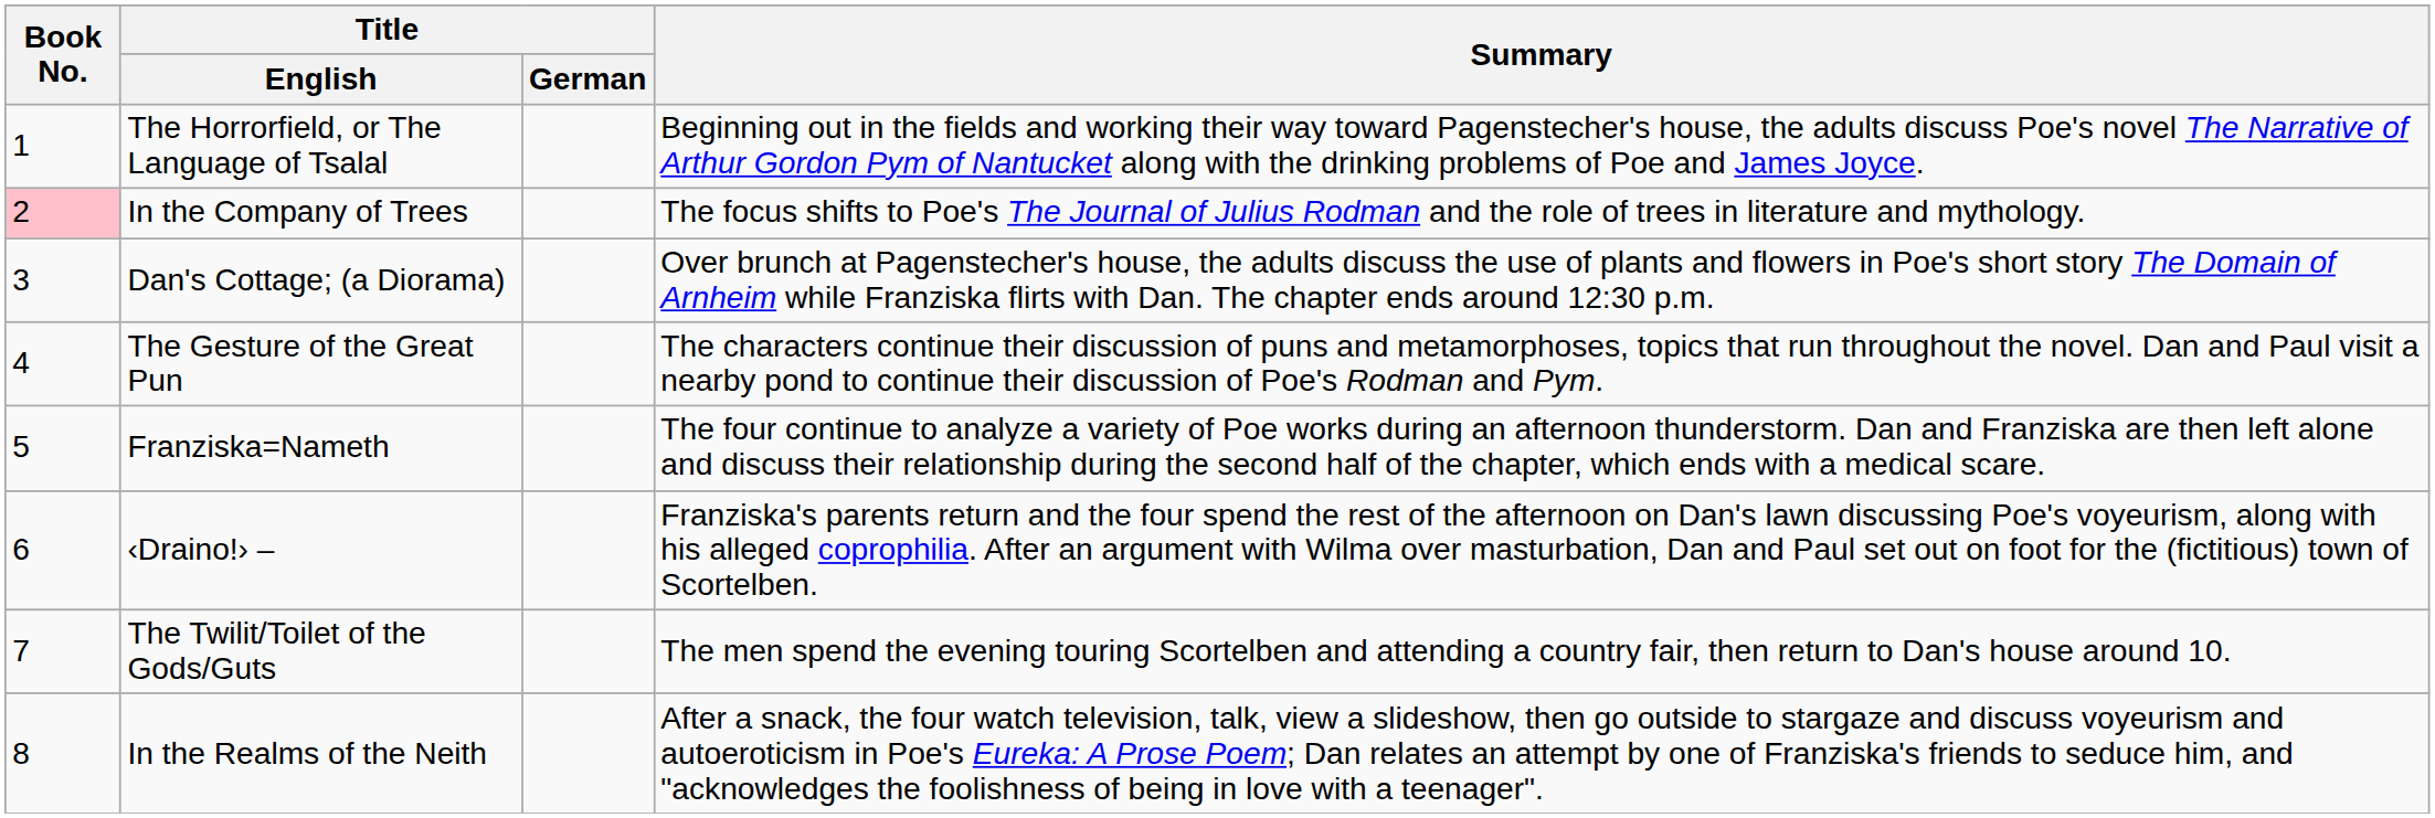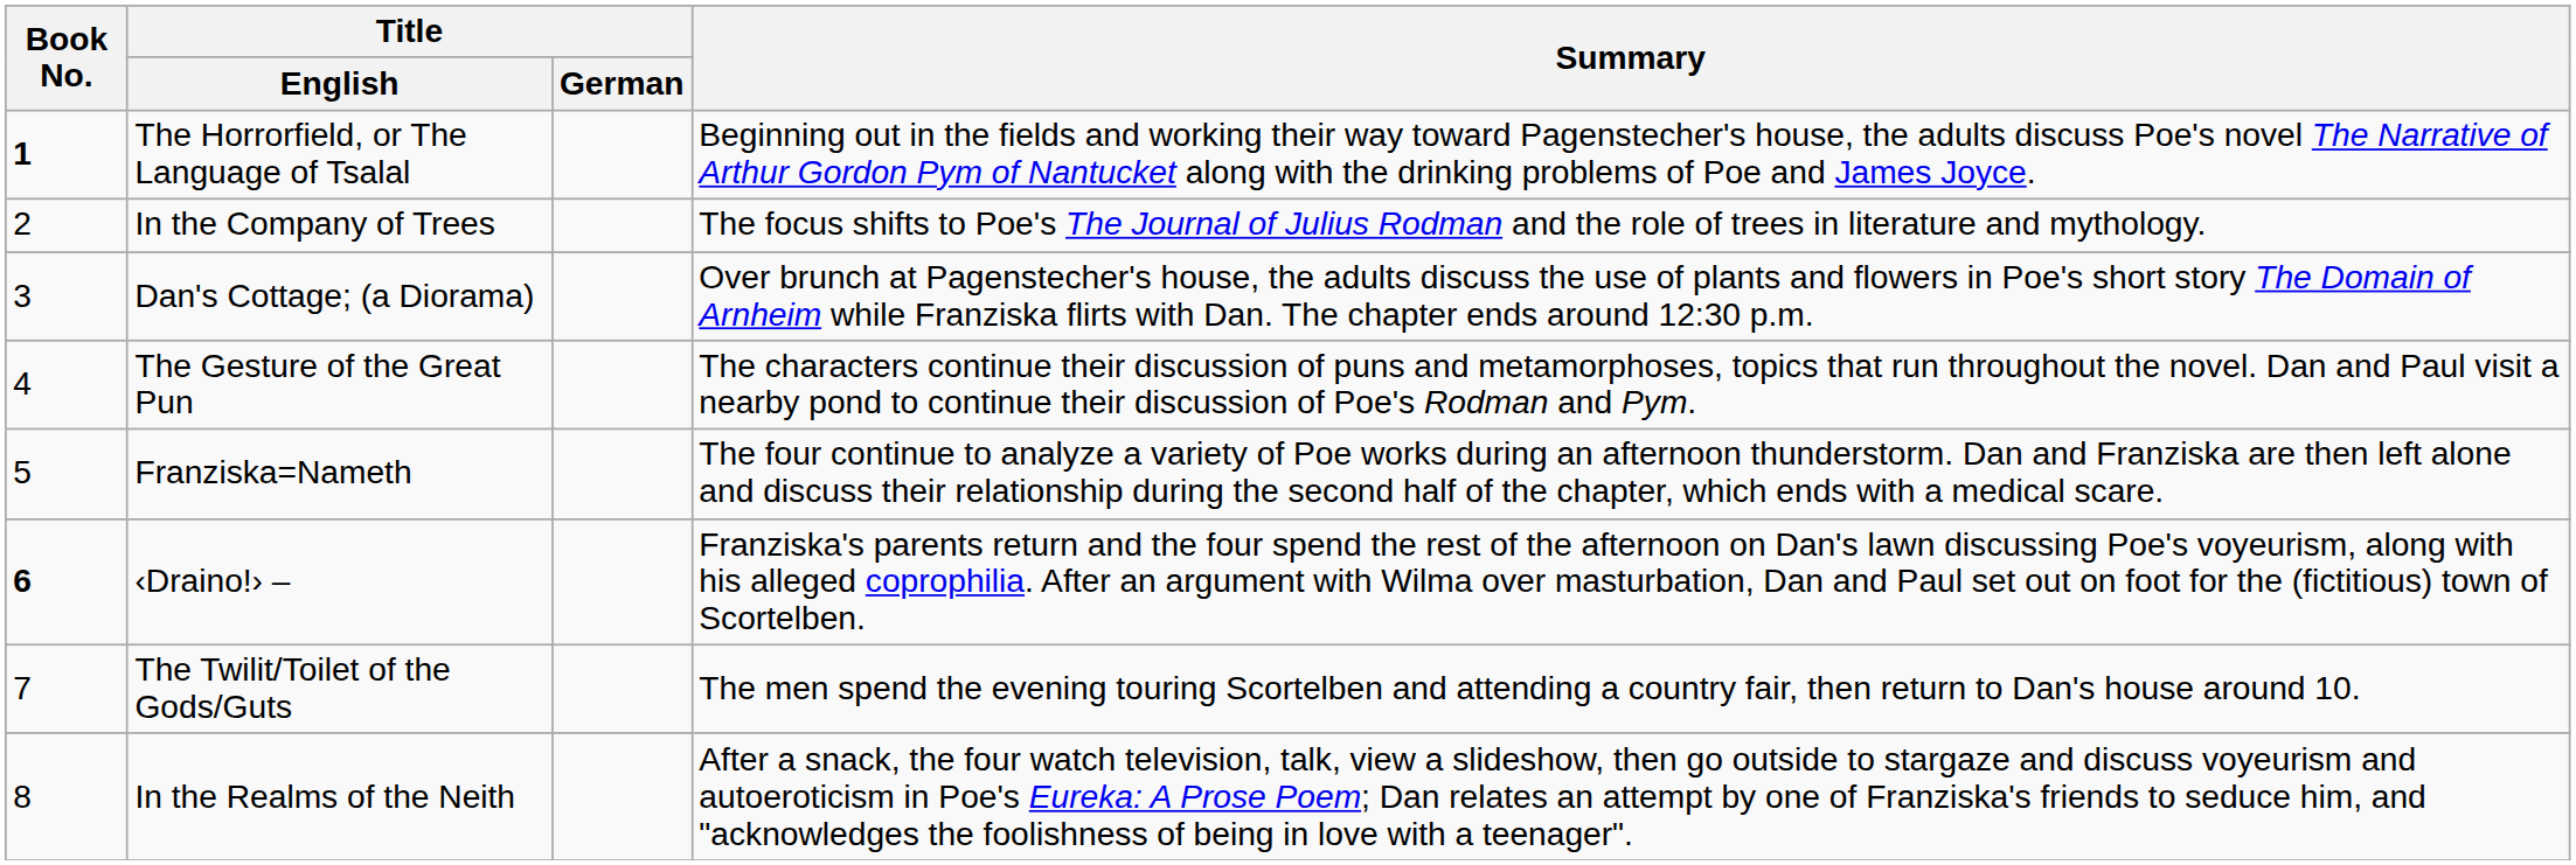 <table class="wikitable">
 <tr>
 <th rowspan="2">Book No.</th>
 <th colspan="2">Title</th>
 <th rowspan="2">Summary</th>
 </tr>
 <tr>
 <th>English</th>
 <th>German</th>
 </tr>
 <tr>
-<td>1</td>
+<td><strong>1</strong></td>
 <td>The Horrorfield, or The Language of Tsalal</td>
 <td></td>
 <td>Beginning out in the fields and working their way toward Pagenstecher's house, the adults discuss Poe's novel <em><a href='#'>The Narrative of Arthur Gordon Pym of Nantucket</a></em> along with the drinking problems of Poe and <a href='#'>James Joyce</a>.</td>
 </tr>
 <tr>
-<td style="background: pink;">2</td>
+<td>2</td>
 <td>In the Company of Trees</td>
 <td></td>
 <td>The focus shifts to Poe's <em><a href='#'>The Journal of Julius Rodman</a></em> and the role of trees in literature and mythology.</td>
 </tr>
 <tr>
 <td>3</td>
 <td>Dan's Cottage; (a Diorama)</td>
 <td></td>
 <td>Over brunch at Pagenstecher's house, the adults discuss the use of plants and flowers in Poe's short story <em><a href='#'>The Domain of Arnheim</a></em> while Franziska flirts with Dan. The chapter ends around 12:30 p.m.</td>
 </tr>
 <tr>
 <td>4</td>
 <td>The Gesture of the Great Pun</td>
 <td></td>
 <td>The characters continue their discussion of puns and metamorphoses, topics that run throughout the novel. Dan and Paul visit a nearby pond to continue their discussion of Poe's <em>Rodman</em> and <em>Pym</em>.</td>
 </tr>
 <tr>
 <td>5</td>
 <td>Franziska=Nameth</td>
 <td></td>
 <td>The four continue to analyze a variety of Poe works during an afternoon thunderstorm. Dan and Franziska are then left alone and discuss their relationship during the second half of the chapter, which ends with a medical scare.</td>
 </tr>
 <tr>
-<td>6</td>
+<td><strong>6</strong></td>
 <td>‹Draino!› –</td>
 <td></td>
 <td>Franziska's parents return and the four spend the rest of the afternoon on Dan's lawn discussing Poe's voyeurism, along with his alleged <a href='#'>coprophilia</a>. After an argument with Wilma over masturbation, Dan and Paul set out on foot for the (fictitious) town of Scortelben.</td>
 </tr>
 <tr>
 <td>7</td>
 <td>The Twilit/Toilet of the Gods/Guts</td>
 <td></td>
 <td>The men spend the evening touring Scortelben and attending a country fair, then return to Dan's house around 10.</td>
 </tr>
 <tr>
 <td>8</td>
 <td>In the Realms of the Neith</td>
 <td></td>
 <td>After a snack, the four watch television, talk, view a slideshow, then go outside to stargaze and discuss voyeurism and autoeroticism in Poe's <em><a href='#'>Eureka: A Prose Poem</a></em>; Dan relates an attempt by one of Franziska's friends to seduce him, and "acknowledges the foolishness of being in love with a teenager".</td>
 </tr>
 </table>
